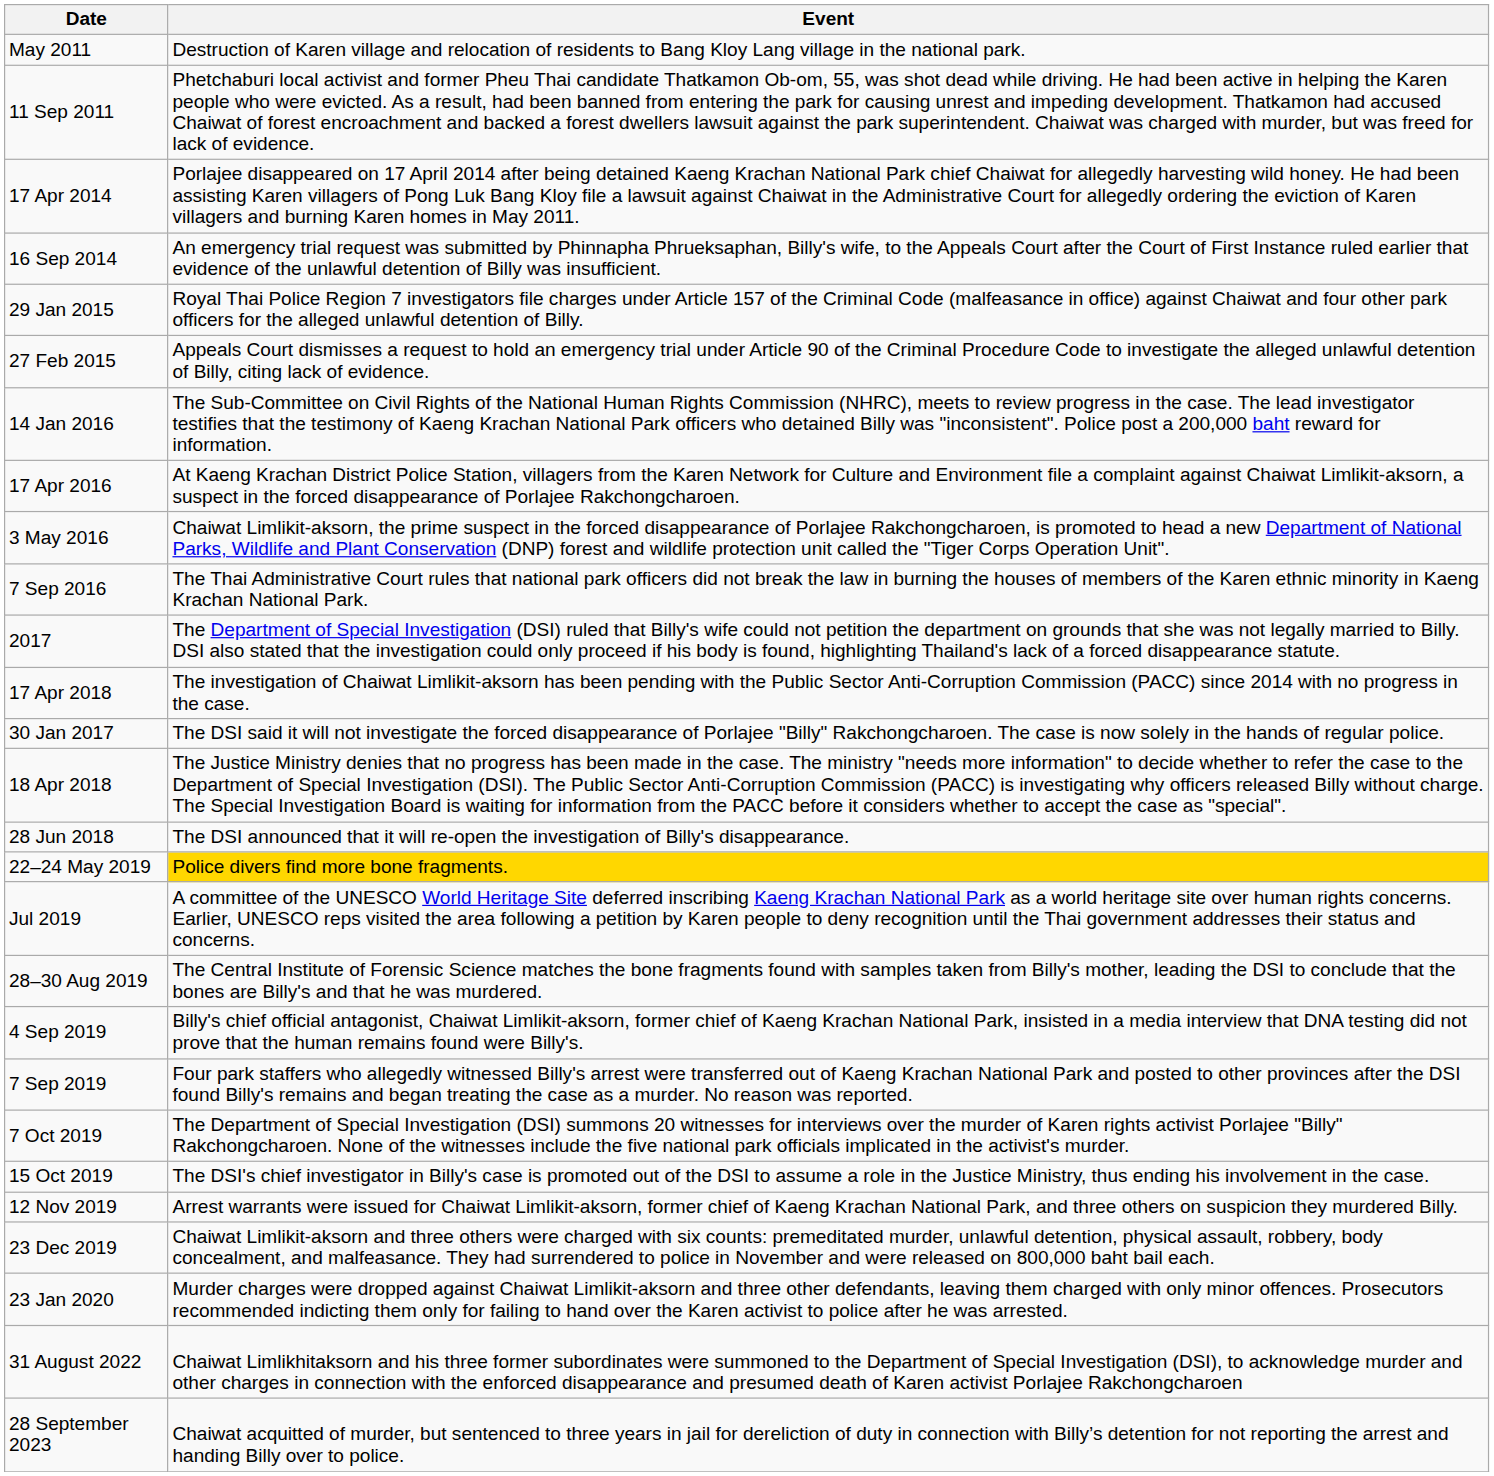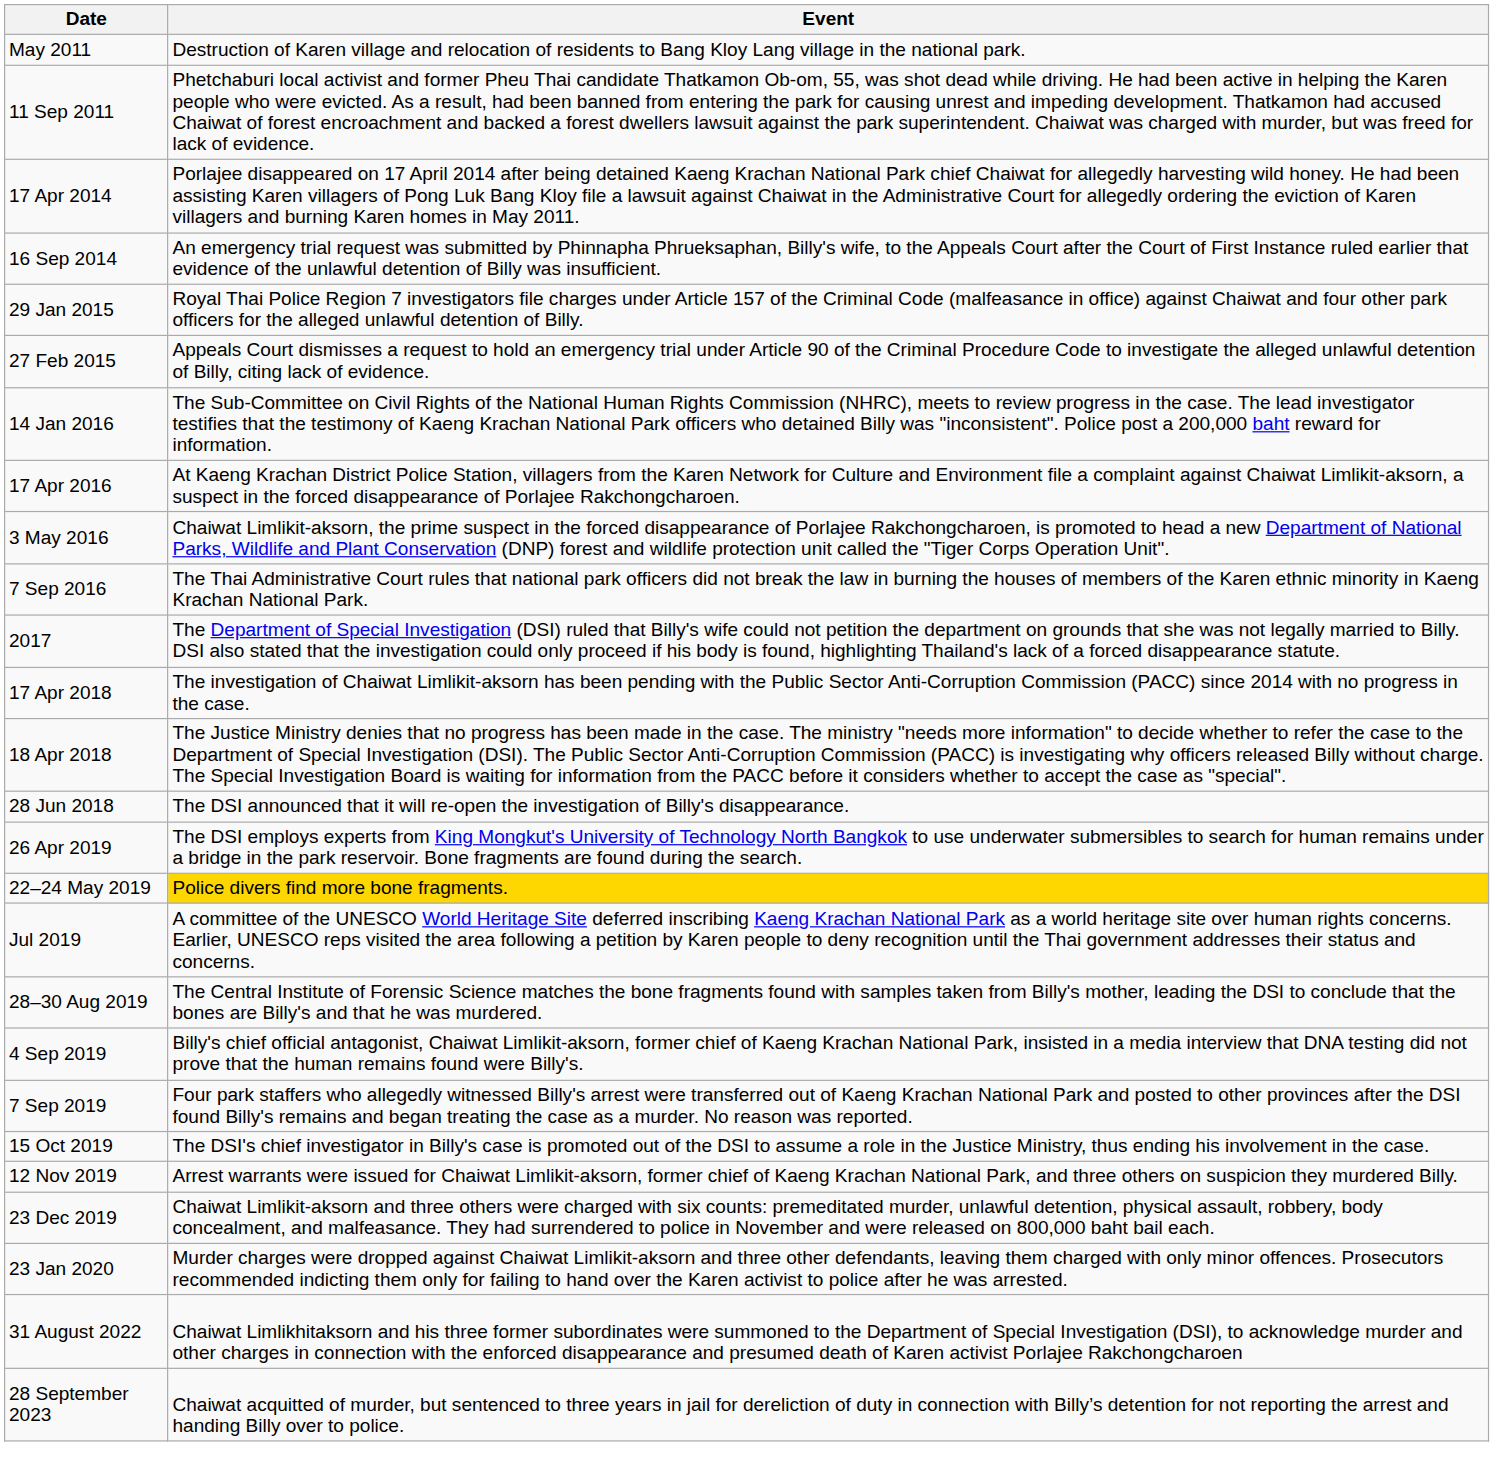 <table class="wikitable">
 <tr>
 <th scope="col" style="width: 130px;">Date</th>
 <th>Event</th>
 </tr>
 <tr>
 <td>May 2011</td>
 <td>Destruction of Karen village and relocation of residents to Bang Kloy Lang village in the national park.</td>
 </tr>
 <tr>
 <td>11 Sep 2011</td>
 <td>Phetchaburi local activist and former Pheu Thai candidate Thatkamon Ob-om, 55, was shot dead while driving. He had been active in helping the Karen people who were evicted. As a result, had been banned from entering the park for causing unrest and impeding development. Thatkamon had accused Chaiwat of forest encroachment and backed a forest dwellers lawsuit against the park superintendent. Chaiwat was charged with murder, but was freed for lack of evidence.</td>
 </tr>
 <tr>
 <td>17 Apr 2014</td>
 <td>Porlajee disappeared on 17 April 2014 after being detained Kaeng Krachan National Park chief Chaiwat for allegedly harvesting wild honey. He had been assisting Karen villagers of Pong Luk Bang Kloy file a lawsuit against Chaiwat in the Administrative Court for allegedly ordering the eviction of Karen villagers and burning Karen homes in May 2011.</td>
 </tr>
 <tr>
 <td>16 Sep 2014</td>
 <td>An emergency trial request was submitted by Phinnapha Phrueksaphan, Billy's wife, to the Appeals Court after the Court of First Instance ruled earlier that evidence of the unlawful detention of Billy was insufficient.</td>
 </tr>
 <tr>
 <td>29 Jan 2015</td>
 <td>Royal Thai Police Region 7 investigators file charges under Article 157 of the Criminal Code (malfeasance in office) against Chaiwat and four other park officers for the alleged unlawful detention of Billy.</td>
 </tr>
 <tr>
 <td>27 Feb 2015</td>
 <td>Appeals Court dismisses a request to hold an emergency trial under Article 90 of the Criminal Procedure Code to investigate the alleged unlawful detention of Billy, citing lack of evidence.</td>
 </tr>
 <tr>
 <td>14 Jan 2016</td>
 <td>The Sub-Committee on Civil Rights of the National Human Rights Commission (NHRC), meets to review progress in the case. The lead investigator testifies that the testimony of Kaeng Krachan National Park officers who detained Billy was "inconsistent". Police post a 200,000 <a href='#'>baht</a> reward for information.</td>
 </tr>
 <tr>
 <td>17 Apr 2016</td>
 <td>At Kaeng Krachan District Police Station, villagers from the Karen Network for Culture and Environment file a complaint against Chaiwat Limlikit-aksorn, a suspect in the forced disappearance of Porlajee Rakchongcharoen.</td>
 </tr>
 <tr>
 <td>3 May 2016</td>
 <td>Chaiwat Limlikit-aksorn, the prime suspect in the forced disappearance of Porlajee Rakchongcharoen, is promoted to head a new <a href='#'>Department of National Parks, Wildlife and Plant Conservation</a> (DNP) forest and wildlife protection unit called the "Tiger Corps Operation Unit".</td>
 </tr>
 <tr>
 <td>7 Sep 2016</td>
 <td>The Thai Administrative Court rules that national park officers did not break the law in burning the houses of members of the Karen ethnic minority in Kaeng Krachan National Park.</td>
 </tr>
 <tr>
 <td>2017</td>
 <td>The <a href='#'>Department of Special Investigation</a> (DSI) ruled that Billy's wife could not petition the department on grounds that she was not legally married to Billy. DSI also stated that the investigation could only proceed if his body is found, highlighting Thailand's lack of a forced disappearance statute.</td>
 </tr>
 <tr>
 <td>17 Apr 2018</td>
 <td>The investigation of Chaiwat Limlikit-aksorn has been pending with the Public Sector Anti-Corruption Commission (PACC) since 2014 with no progress in the case.</td>
 </tr>
 <tr>
-<td>30 Jan 2017</td>
-<td>The DSI said it will not investigate the forced disappearance of Porlajee "Billy" Rakchongcharoen. The case is now solely in the hands of regular police.</td>
-</tr>
-<tr>
 <td>18 Apr 2018</td>
 <td>The Justice Ministry denies that no progress has been made in the case. The ministry "needs more information" to decide whether to refer the case to the Department of Special Investigation (DSI). The Public Sector Anti-Corruption Commission (PACC) is investigating why officers released Billy without charge. The Special Investigation Board is waiting for information from the PACC before it considers whether to accept the case as "special".</td>
 </tr>
 <tr>
 <td>28 Jun 2018</td>
 <td>The DSI announced that it will re-open the investigation of Billy's disappearance.</td>
+</tr>
+<tr>
+<td>26 Apr 2019</td>
+<td>The DSI employs experts from <a href='#'>King Mongkut's University of Technology North Bangkok</a> to use underwater submersibles to search for human remains under a bridge in the park reservoir. Bone fragments are found during the search.</td>
 </tr>
 <tr>
 <td>22–24 May 2019</td>
 <td style="background: gold;">Police divers find more bone fragments.</td>
 </tr>
 <tr>
 <td>Jul 2019</td>
 <td>A committee of the UNESCO <a href='#'>World Heritage Site</a> deferred inscribing <a href='#'>Kaeng Krachan National Park</a> as a world heritage site over human rights concerns. Earlier, UNESCO reps visited the area following a petition by Karen people to deny recognition until the Thai government addresses their status and concerns.</td>
 </tr>
 <tr>
 <td>28–30 Aug 2019</td>
 <td>The Central Institute of Forensic Science matches the bone fragments found with samples taken from Billy's mother, leading the DSI to conclude that the bones are Billy's and that he was murdered.</td>
 </tr>
 <tr>
 <td>4 Sep 2019</td>
 <td>Billy's chief official antagonist, Chaiwat Limlikit-aksorn, former chief of Kaeng Krachan National Park, insisted in a media interview that DNA testing did not prove that the human remains found were Billy's.</td>
 </tr>
 <tr>
 <td>7 Sep 2019</td>
 <td>Four park staffers who allegedly witnessed Billy's arrest were transferred out of Kaeng Krachan National Park and posted to other provinces after the DSI found Billy's remains and began treating the case as a murder. No reason was reported.</td>
-</tr>
-<tr>
-<td>7 Oct 2019</td>
-<td>The Department of Special Investigation (DSI) summons 20 witnesses for interviews over the murder of Karen rights activist Porlajee "Billy" Rakchongcharoen. None of the witnesses include the five national park officials implicated in the activist's murder.</td>
 </tr>
 <tr>
 <td>15 Oct 2019</td>
 <td>The DSI's chief investigator in Billy's case is promoted out of the DSI to assume a role in the Justice Ministry, thus ending his involvement in the case.</td>
 </tr>
 <tr>
 <td>12 Nov 2019</td>
 <td>Arrest warrants were issued for Chaiwat Limlikit-aksorn, former chief of Kaeng Krachan National Park,  and three others on suspicion they murdered Billy.</td>
 </tr>
 <tr>
 <td>23 Dec 2019</td>
 <td>Chaiwat Limlikit-aksorn and three others were charged with six counts: premeditated murder, unlawful detention, physical assault, robbery, body concealment, and malfeasance. They had surrendered to police in November and were released on 800,000 baht bail each.</td>
 </tr>
 <tr>
 <td>23 Jan 2020</td>
 <td>Murder charges were dropped against Chaiwat Limlikit-aksorn and three other defendants, leaving them charged with only minor offences. Prosecutors recommended indicting them only for failing to hand over the Karen activist to police after he was arrested.</td>
 </tr>
 <tr>
 <td>31 August 2022</td>
 <td><br>Chaiwat Limlikhitaksorn and his three former subordinates were summoned to the Department of Special Investigation (DSI), to acknowledge murder and other charges in connection with the enforced disappearance and presumed death of Karen activist Porlajee Rakchongcharoen </td>
 </tr>
 <tr>
 <td>28 September 2023</td>
 <td><br>Chaiwat acquitted of murder, but sentenced to three years in jail for dereliction of duty in connection with Billy’s detention for not reporting the arrest and handing Billy over to police. </td>
 </tr>
 </table>
